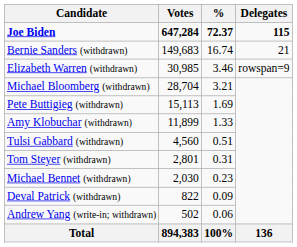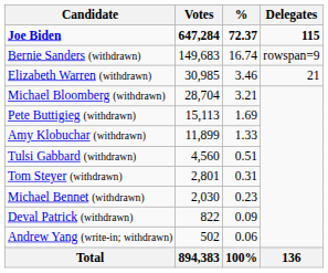 <table class="wikitable sortable" style="text-align:right;">
 <tr>
 <th>Candidate</th>
 <th>Votes</th>
 <th>%</th>
 <th>Delegates</th>
 </tr>
 <tr>
 <td style="text-align:left;" data-sort-value="Biden, Joe"><strong><a href='#'>Joe Biden</a></strong></td>
 <td><strong>647,284</strong></td>
 <td><strong>72.37</strong></td>
 <td><strong>115</strong></td>
 </tr>
 <tr>
 <td style="text-align:left;" data-sort-value="Sanders, Bernie"><a href='#'>Bernie Sanders</a> <small>(withdrawn)</small></td>
 <td>149,683</td>
 <td>16.74</td>
-<td>21</td>
+<td>rowspan=9 </td>
 </tr>
 <tr>
 <td style="text-align:left;" data-sort-value="Warren, Elizabeth"><a href='#'>Elizabeth Warren</a> <small>(withdrawn)</small></td>
 <td>30,985</td>
 <td>3.46</td>
-<td>rowspan=9 </td>
+<td>21</td>
 </tr>
 <tr>
 <td style="text-align:left;" data-sort-value="Bloomberg, Michael"><a href='#'>Michael Bloomberg</a> <small>(withdrawn)</small></td>
 <td>28,704</td>
 <td>3.21</td>
 </tr>
 <tr>
 <td style="text-align:left;" data-sort-value="Buttigieg, Pete"><a href='#'>Pete Buttigieg</a> <small>(withdrawn)</small></td>
 <td>15,113</td>
 <td>1.69</td>
 </tr>
 <tr>
 <td style="text-align:left;" data-sort-value="Klobuchar, Amy"><a href='#'>Amy Klobuchar</a> <small>(withdrawn)</small></td>
 <td>11,899</td>
 <td>1.33</td>
 </tr>
 <tr>
 <td style="text-align:left;" data-sort-value="Gabbard, Tulsi"><a href='#'>Tulsi Gabbard</a> <small>(withdrawn)</small></td>
 <td>4,560</td>
 <td>0.51</td>
 </tr>
 <tr>
 <td style="text-align:left;" data-sort-value="Steyer, Tom"><a href='#'>Tom Steyer</a> <small>(withdrawn)</small></td>
 <td>2,801</td>
 <td>0.31</td>
 </tr>
 <tr>
 <td style="text-align:left;" data-sort-value="Bennet, Michael"><a href='#'>Michael Bennet</a> <small>(withdrawn)</small></td>
 <td>2,030</td>
 <td>0.23</td>
 </tr>
 <tr>
 <td style="text-align:left;" data-sort-value="Patrick, Deval"><a href='#'>Deval Patrick</a> <small>(withdrawn)</small></td>
 <td>822</td>
 <td>0.09</td>
 </tr>
 <tr>
 <td style="text-align:left;" data-sort-value="Yang, Andrew"><a href='#'>Andrew Yang</a> <small>(write-in; withdrawn)</small></td>
 <td>502</td>
 <td>0.06</td>
 </tr>
 <tr>
 <th>Total</th>
 <th>894,383</th>
 <th>100%</th>
 <th>136</th>
 </tr>
 </table>
